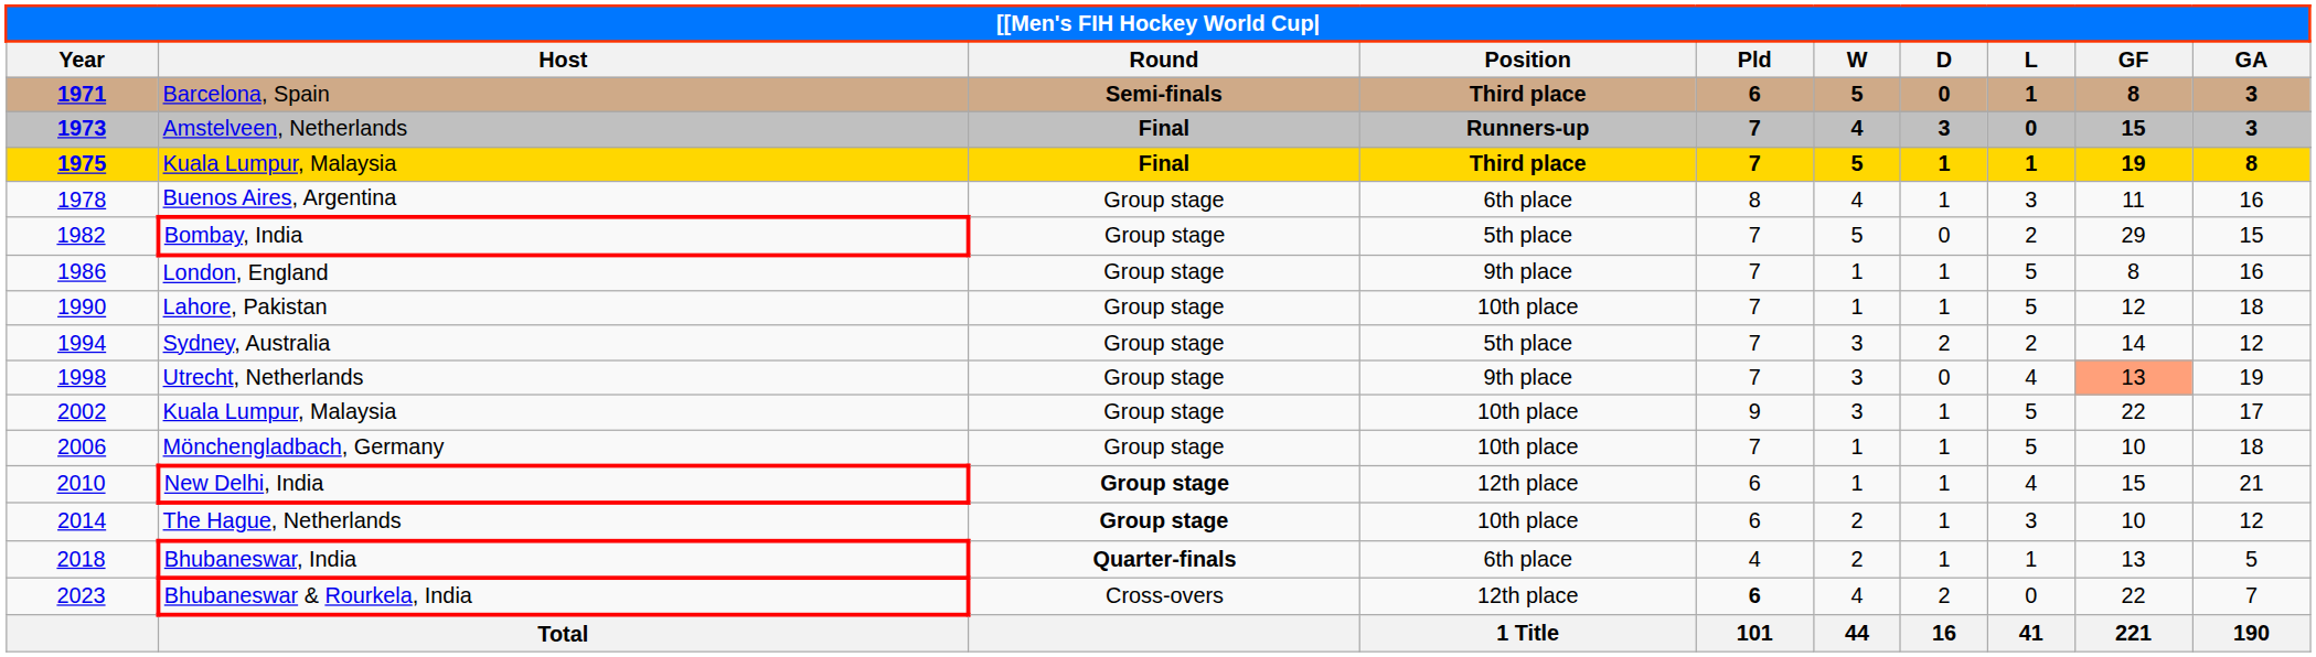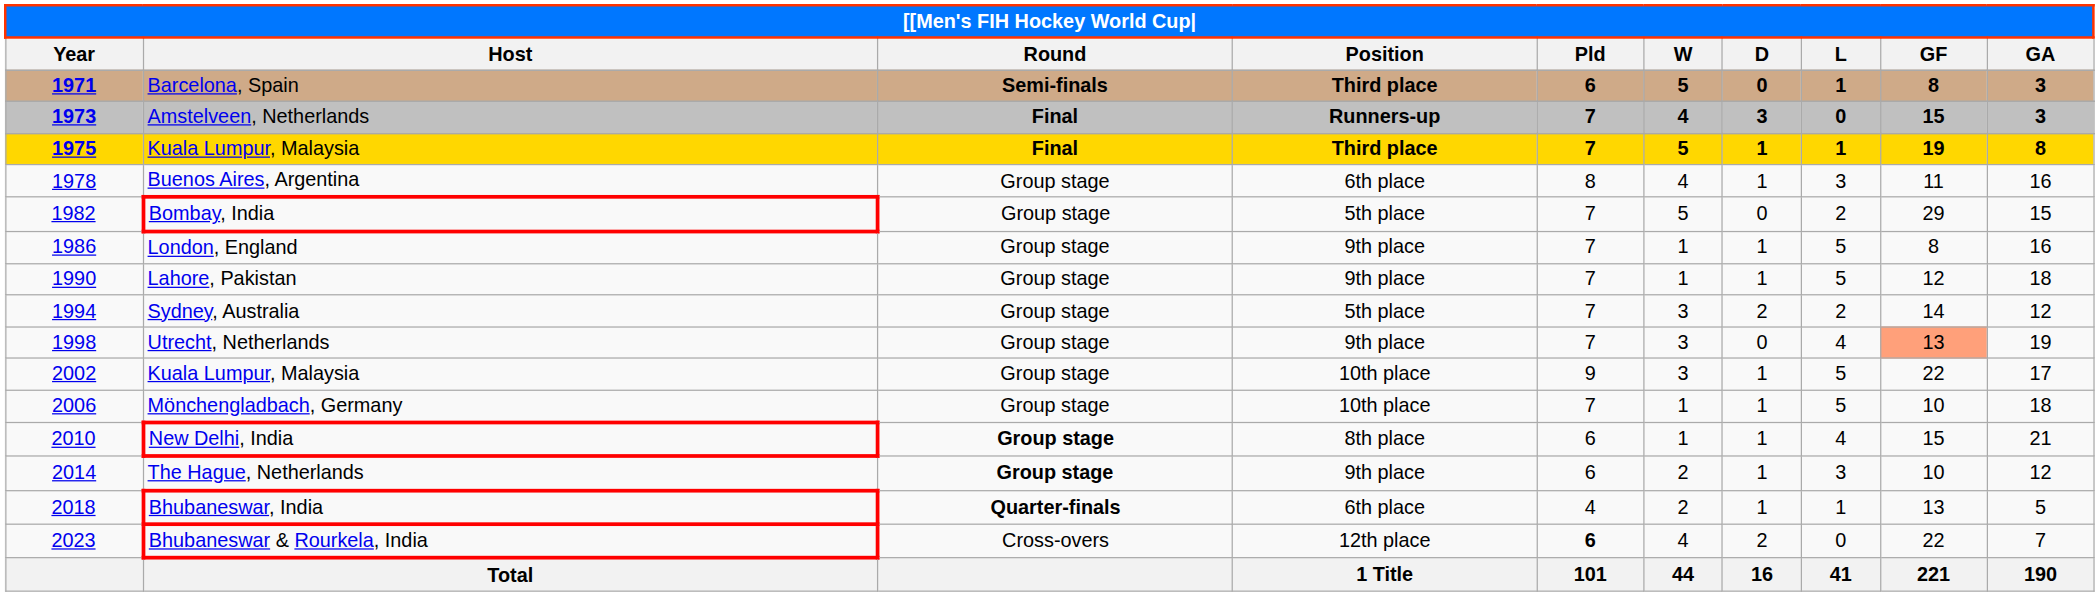 <table class="wikitable" style="text-align: center; width:85%">
 <tr>
 <th colspan=10 style="background: #0077FF;border: 2px solid #ff3300;color: #FFFFFF;">[[Men's FIH Hockey World Cup|</th>
 </tr>
 <tr>
 <th>Year</th>
 <th>Host</th>
 <th>Round</th>
 <th>Position</th>
 <th>Pld</th>
 <th>W</th>
 <th>D</th>
 <th>L</th>
 <th>GF</th>
 <th>GA</th>
 </tr>
 <tr>
 </tr>
 <tr bgcolor=#CFAA88>
 <td><strong><a href='#'>1971</a></strong></td>
 <td align=left> <a href='#'>Barcelona</a>, Spain</td>
 <td><strong>Semi-finals</strong></td>
 <td><strong>Third place</strong></td>
 <td><strong>6</strong></td>
 <td><strong>5</strong></td>
 <td><strong>0</strong></td>
 <td><strong>1</strong></td>
 <td><strong>8</strong></td>
 <td><strong>3</strong></td>
 </tr>
 <tr>
 </tr>
 <tr bgcolor=silver>
 <td><strong><a href='#'>1973</a></strong></td>
 <td align=left> <a href='#'>Amstelveen</a>, Netherlands</td>
 <td><strong>Final</strong></td>
 <td><strong> Runners-up</strong></td>
 <td><strong>7</strong></td>
 <td><strong>4</strong></td>
 <td><strong>3</strong></td>
 <td><strong>0</strong></td>
 <td><strong>15</strong></td>
 <td><strong>3</strong></td>
 </tr>
 <tr>
 </tr>
 <tr bgcolor=gold>
 <td><strong><a href='#'>1975</a></strong></td>
 <td align=left> <a href='#'>Kuala Lumpur</a>, Malaysia</td>
 <td><strong>Final</strong></td>
 <td><strong>Third place</strong></td>
 <td><strong>7</strong></td>
 <td><strong>5</strong></td>
 <td><strong>1</strong></td>
 <td><strong>1</strong></td>
 <td><strong>19</strong></td>
 <td><strong>8</strong></td>
 </tr>
 <tr>
 <td><a href='#'>1978</a></td>
 <td align=left> <a href='#'>Buenos Aires</a>, Argentina</td>
 <td>Group stage</td>
 <td>6th place</td>
 <td>8</td>
 <td>4</td>
 <td>1</td>
 <td>3</td>
 <td>11</td>
 <td>16</td>
 </tr>
 <tr>
 <td><a href='#'>1982</a></td>
 <td style="border: 3px solid red" align=left> <a href='#'>Bombay</a>, India</td>
 <td>Group stage</td>
 <td>5th place</td>
 <td>7</td>
 <td>5</td>
 <td>0</td>
 <td>2</td>
 <td>29</td>
 <td>15</td>
 </tr>
 <tr>
 <td><a href='#'>1986</a></td>
 <td align=left> <a href='#'>London</a>, England</td>
 <td>Group stage</td>
 <td>9th place</td>
 <td>7</td>
 <td>1</td>
 <td>1</td>
 <td>5</td>
 <td>8</td>
 <td>16</td>
 </tr>
 <tr>
 <td><a href='#'>1990</a></td>
 <td align=left> <a href='#'>Lahore</a>, Pakistan</td>
 <td>Group stage</td>
-<td>10th place</td>
+<td>9th place</td>
 <td>7</td>
 <td>1</td>
 <td>1</td>
 <td>5</td>
 <td>12</td>
 <td>18</td>
 </tr>
 <tr>
 <td><a href='#'>1994</a></td>
 <td align=left> <a href='#'>Sydney</a>, Australia</td>
 <td>Group stage</td>
 <td>5th place</td>
 <td>7</td>
 <td>3</td>
 <td>2</td>
 <td>2</td>
 <td>14</td>
 <td>12</td>
 </tr>
 <tr>
 <td><a href='#'>1998</a></td>
 <td align=left> <a href='#'>Utrecht</a>, Netherlands</td>
 <td>Group stage</td>
 <td>9th place</td>
 <td>7</td>
 <td>3</td>
 <td>0</td>
 <td>4</td>
 <td style="background: lightsalmon;">13</td>
 <td>19</td>
 </tr>
 <tr>
 <td><a href='#'>2002</a></td>
 <td align=left> <a href='#'>Kuala Lumpur</a>, Malaysia</td>
 <td>Group stage</td>
 <td>10th place</td>
 <td>9</td>
 <td>3</td>
 <td>1</td>
 <td>5</td>
 <td>22</td>
 <td>17</td>
 </tr>
 <tr>
 <td><a href='#'>2006</a></td>
 <td align=left> <a href='#'>Mönchengladbach</a>, Germany</td>
 <td>Group stage</td>
 <td>10th place</td>
 <td>7</td>
 <td>1</td>
 <td>1</td>
 <td>5</td>
 <td>10</td>
 <td>18</td>
 </tr>
 <tr>
 <td><a href='#'>2010</a></td>
 <td style="border: 3px solid red" align=left> <a href='#'>New Delhi</a>, India</td>
 <td><strong>Group stage</strong></td>
-<td>12th place</td>
+<td>8th place</td>
 <td>6</td>
 <td>1</td>
 <td>1</td>
 <td>4</td>
 <td>15</td>
 <td>21</td>
 </tr>
 <tr>
 <td><a href='#'>2014</a></td>
 <td align=left> <a href='#'>The Hague</a>, Netherlands</td>
 <td><strong>Group stage</strong></td>
-<td>10th place</td>
+<td>9th place</td>
 <td>6</td>
 <td>2</td>
 <td>1</td>
 <td>3</td>
 <td>10</td>
 <td>12</td>
 </tr>
 <tr>
 <td><a href='#'>2018</a></td>
 <td style="border: 3px solid red" align=left> <a href='#'>Bhubaneswar</a>, India</td>
 <td><strong>Quarter-finals</strong></td>
 <td>6th place</td>
 <td>4</td>
 <td>2</td>
 <td>1</td>
 <td>1</td>
 <td>13</td>
 <td>5</td>
 </tr>
 <tr>
 <td><a href='#'>2023</a></td>
 <td style="border: 3px solid red" align=left> <a href='#'>Bhubaneswar</a> & <a href='#'>Rourkela</a>, India</td>
 <td>Cross-overs</td>
 <td>12th place</td>
 <td><strong>6</strong></td>
 <td>4</td>
 <td>2</td>
 <td>0</td>
 <td>22</td>
 <td>7</td>
 </tr>
 <tr>
 <th></th>
 <th>Total</th>
 <th></th>
 <th>1 Title</th>
 <th>101</th>
 <th>44</th>
 <th>16</th>
 <th>41</th>
 <th>221</th>
 <th>190</th>
 </tr>
 </table>
